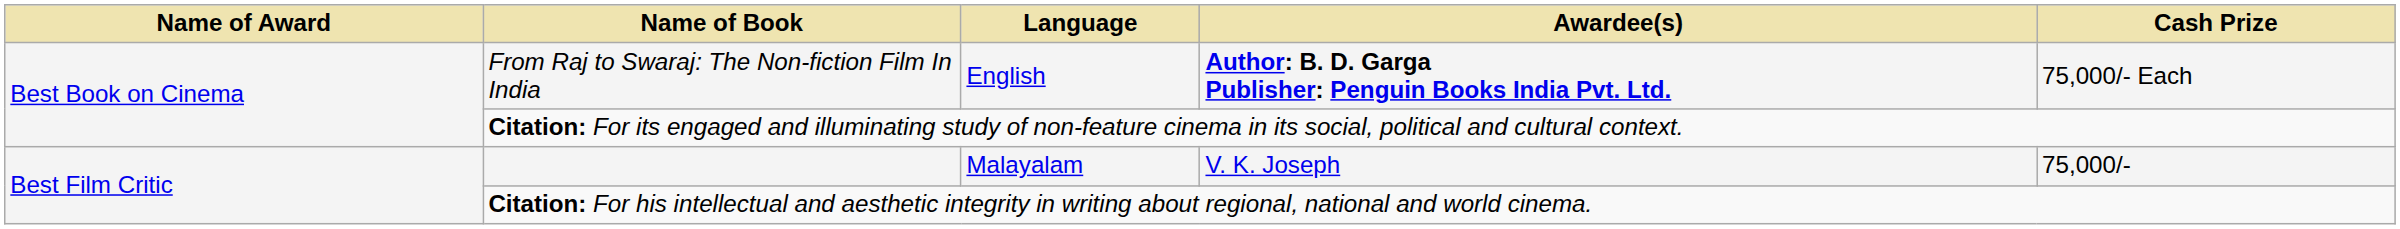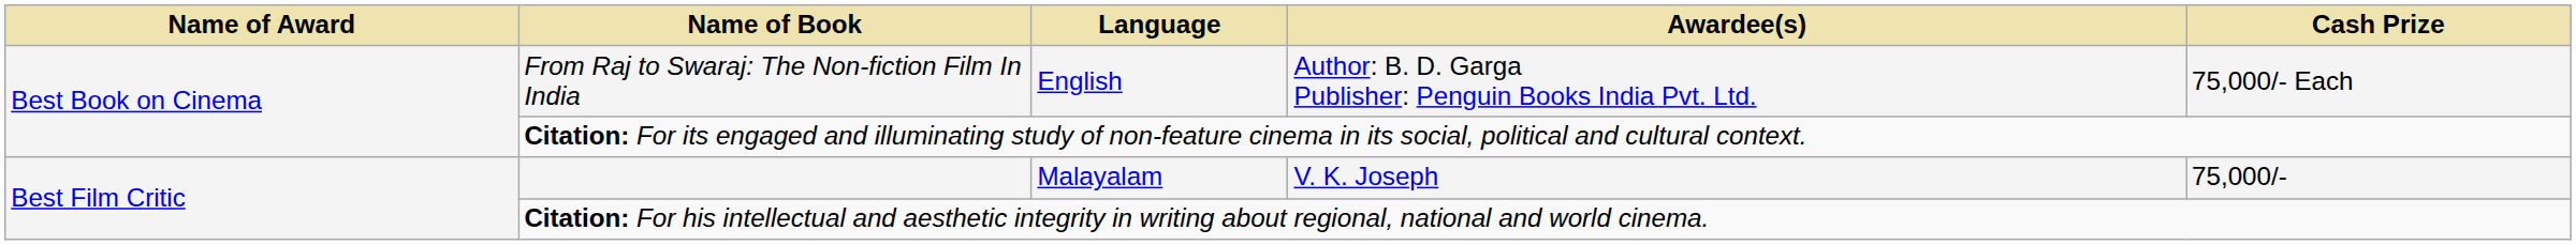 <table class="wikitable" style="width:100%;">
 <tr style="background:#F4F4F4">
 <th style="background-color:#EFE4B0;width:20%;">Name of Award</th>
 <th style="background-color:#EFE4B0;width:20%;">Name of Book</th>
 <th style="background-color:#EFE4B0;width:10%;">Language</th>
 <th style="background-color:#EFE4B0;width:35%;">Awardee(s)</th>
 <th style="background-color:#EFE4B0;width:15%;">Cash Prize</th>
 </tr>
 <tr style="background:#F4F4F4">
 <td rowspan="2"><a href='#'>Best Book on Cinema</a></td>
 <td><em>From Raj to Swaraj: The Non-fiction Film In India</em></td>
 <td><a href='#'>English</a></td>
-<td><strong><a href='#'>Author</a>: B. D. Garga<br><a href='#'>Publisher</a>: <a href='#'>Penguin Books India Pvt. Ltd.</a></strong></td>
+<td><a href='#'>Author</a>: B. D. Garga<br><a href='#'>Publisher</a>: <a href='#'>Penguin Books India Pvt. Ltd.</a></td>
 <td> 75,000/- Each</td>
 </tr>
 <tr style="background:#F9F9F9">
 <td colspan="4"><strong>Citation:</strong> <em>For its engaged and illuminating study of non-feature cinema in its social, political and cultural context.</em></td>
 </tr>
 <tr style="background:#F4F4F4">
 <td rowspan="2"><a href='#'>Best Film Critic</a></td>
 <td></td>
 <td><a href='#'>Malayalam</a></td>
 <td><a href='#'>V. K. Joseph</a></td>
 <td> 75,000/-</td>
 </tr>
 <tr style="background:#F9F9F9">
 <td colspan="4"><strong>Citation:</strong> <em>For his intellectual and aesthetic integrity in writing about regional, national and world cinema.</em></td>
 </tr>
 </table>
